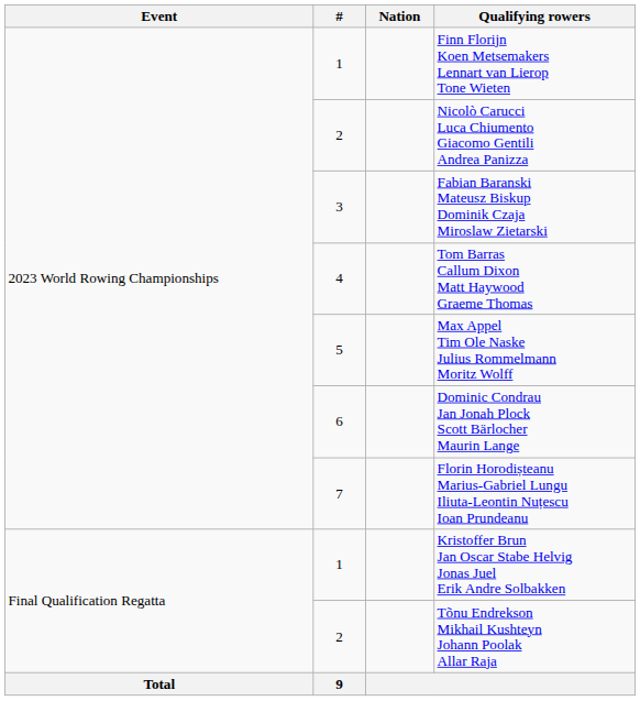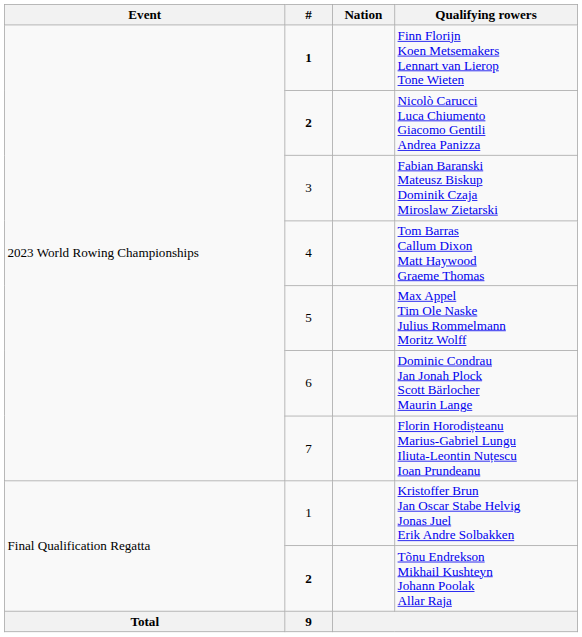 <table class="wikitable"  style="width:700px; text-align:center;">
 <tr>
 <th>Event</th>
 <th width=50>#</th>
 <th>Nation</th>
 <th>Qualifying rowers</th>
 </tr>
 <tr>
 <td rowspan=7 align=left>2023 World Rowing Championships</td>
-<td>1</td>
+<td><strong>1</strong></td>
 <td align=left></td>
 <td align=left><a href='#'>Finn Florijn</a><br><a href='#'>Koen Metsemakers</a><br><a href='#'>Lennart van Lierop</a><br><a href='#'>Tone Wieten</a></td>
 </tr>
 <tr>
-<td>2</td>
+<td><strong>2</strong></td>
 <td align=left></td>
 <td align=left><a href='#'>Nicolò Carucci</a><br><a href='#'>Luca Chiumento</a><br><a href='#'>Giacomo Gentili</a><br><a href='#'>Andrea Panizza</a></td>
 </tr>
 <tr>
 <td>3</td>
 <td align=left></td>
 <td align=left><a href='#'>Fabian Baranski</a><br><a href='#'>Mateusz Biskup</a><br><a href='#'>Dominik Czaja</a><br><a href='#'>Miroslaw Zietarski</a></td>
 </tr>
 <tr>
 <td>4</td>
 <td align=left></td>
 <td align=left><a href='#'>Tom Barras</a><br><a href='#'>Callum Dixon</a><br><a href='#'>Matt Haywood</a><br><a href='#'>Graeme Thomas</a></td>
 </tr>
 <tr>
 <td>5</td>
 <td align=left></td>
 <td align=left><a href='#'>Max Appel</a><br><a href='#'>Tim Ole Naske</a><br><a href='#'>Julius Rommelmann</a><br><a href='#'>Moritz Wolff</a></td>
 </tr>
 <tr>
 <td>6</td>
 <td align=left></td>
 <td align=left><a href='#'>Dominic Condrau</a><br><a href='#'>Jan Jonah Plock</a><br><a href='#'>Scott Bärlocher</a><br><a href='#'>Maurin Lange</a></td>
 </tr>
 <tr>
 <td>7</td>
 <td align=left></td>
 <td align=left><a href='#'>Florin Horodișteanu</a><br><a href='#'>Marius-Gabriel Lungu</a><br><a href='#'>Iliuta-Leontin Nuțescu</a><br><a href='#'>Ioan Prundeanu</a></td>
 </tr>
 <tr>
 <td rowspan=2 align=left>Final Qualification Regatta</td>
 <td>1</td>
 <td align=left></td>
 <td align=left><a href='#'>Kristoffer Brun</a><br><a href='#'>Jan Oscar Stabe Helvig</a><br><a href='#'>Jonas Juel</a><br><a href='#'>Erik Andre Solbakken</a></td>
 </tr>
 <tr>
-<td>2</td>
+<td><strong>2</strong></td>
 <td align=left></td>
 <td align=left><a href='#'>Tõnu Endrekson</a><br><a href='#'>Mikhail Kushteyn</a><br><a href='#'>Johann Poolak</a><br><a href='#'>Allar Raja</a></td>
 </tr>
 <tr>
 <th>Total</th>
 <th>9</th>
 <th colspan=2></th>
 </tr>
 </table>
